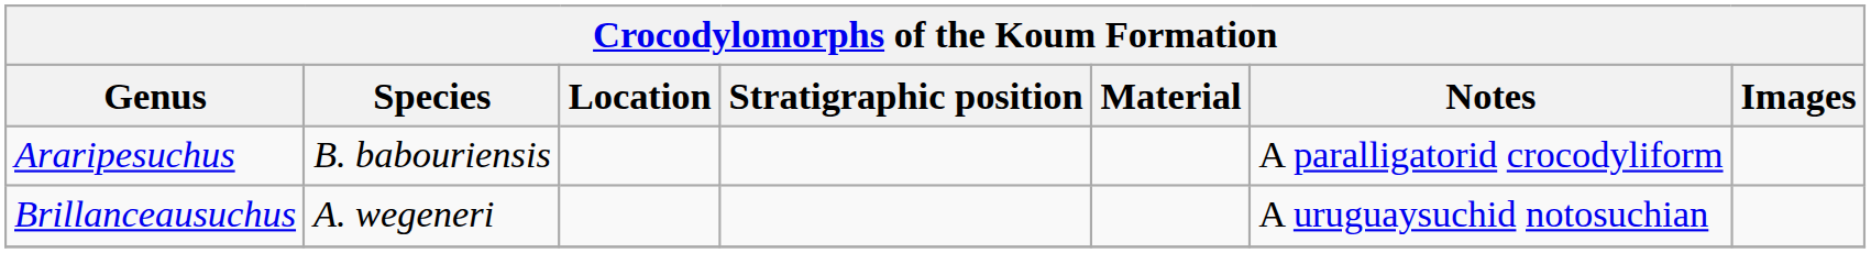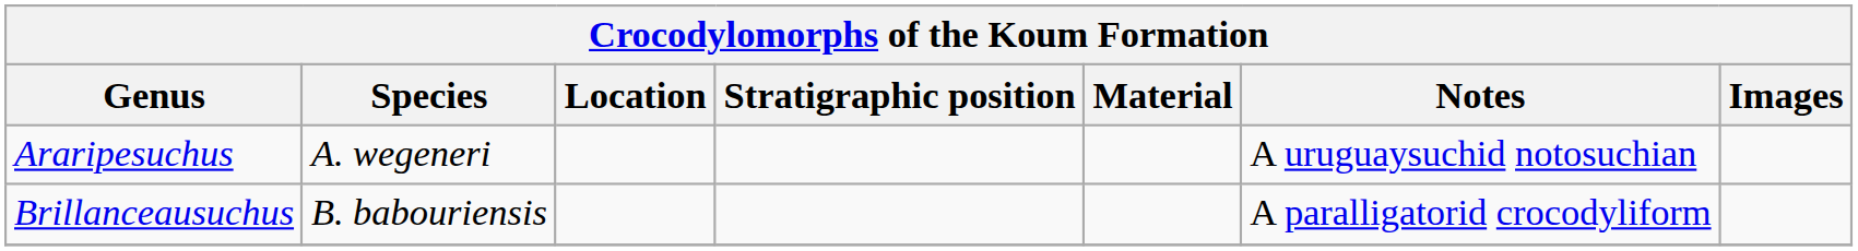 <table class="wikitable" align="center">
 <tr>
 <th colspan="7" align="center"><a href='#'>Crocodylomorphs</a> of the Koum Formation</th>
 </tr>
 <tr>
 <th>Genus</th>
 <th>Species</th>
 <th>Location</th>
 <th>Stratigraphic position</th>
 <th>Material</th>
 <th>Notes</th>
 <th>Images</th>
 </tr>
 <tr>
 <td><em><a href='#'>Araripesuchus</a></em></td>
+<td><em>A. wegeneri</em></td>
+<td></td>
+<td></td>
+<td></td>
+<td>A <a href='#'>uruguaysuchid</a> <a href='#'>notosuchian</a></td>
+<td></td>
+</tr>
+<tr>
+<td><em><a href='#'>Brillanceausuchus</a></em></td>
 <td><em>B. babouriensis</em></td>
 <td></td>
 <td></td>
 <td></td>
 <td>A <a href='#'>paralligatorid</a> <a href='#'>crocodyliform</a></td>
 <td></td>
 </tr>
 <tr>
-<td><em><a href='#'>Brillanceausuchus</a></em></td>
-<td><em>A. wegeneri</em></td>
-<td></td>
-<td></td>
-<td></td>
-<td>A <a href='#'>uruguaysuchid</a> <a href='#'>notosuchian</a></td>
-<td></td>
-</tr>
-<tr>
 </tr>
 </table>
